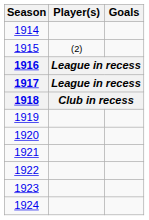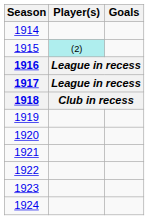 <table class="wikitable sortable" style="text-align:center">
 <tr>
 <th>Season</th>
 <th>Player(s)</th>
 <th>Goals</th>
 </tr>
 <tr>
 <td><a href='#'>1914</a></td>
 <td></td>
 <td></td>
 </tr>
 <tr>
 <td><a href='#'>1915</a></td>
-<td> <small>(2)</small></td>
+<td style="background: paleturquoise;"> <small>(2)</small></td>
 <td></td>
 </tr>
 <tr>
 <th><a href='#'>1916</a></th>
 <th colspan="2"><em>League in recess</em></th>
 </tr>
 <tr>
 <th><a href='#'>1917</a></th>
 <th colspan="2"><em>League in recess</em></th>
 </tr>
 <tr>
 <th><a href='#'>1918</a></th>
 <th colspan="2"><em>Club in recess</em></th>
 </tr>
 <tr>
 <td><a href='#'>1919</a></td>
 <td></td>
 <td></td>
 </tr>
 <tr>
 <td><a href='#'>1920</a></td>
 <td></td>
 <td></td>
 </tr>
 <tr>
 <td><a href='#'>1921</a></td>
 <td></td>
 <td></td>
 </tr>
 <tr>
 <td><a href='#'>1922</a></td>
 <td></td>
 <td></td>
 </tr>
 <tr>
 <td><a href='#'>1923</a></td>
 <td></td>
 <td></td>
 </tr>
 <tr>
 <td><a href='#'>1924</a></td>
 <td></td>
 <td></td>
 </tr>
 </table>
